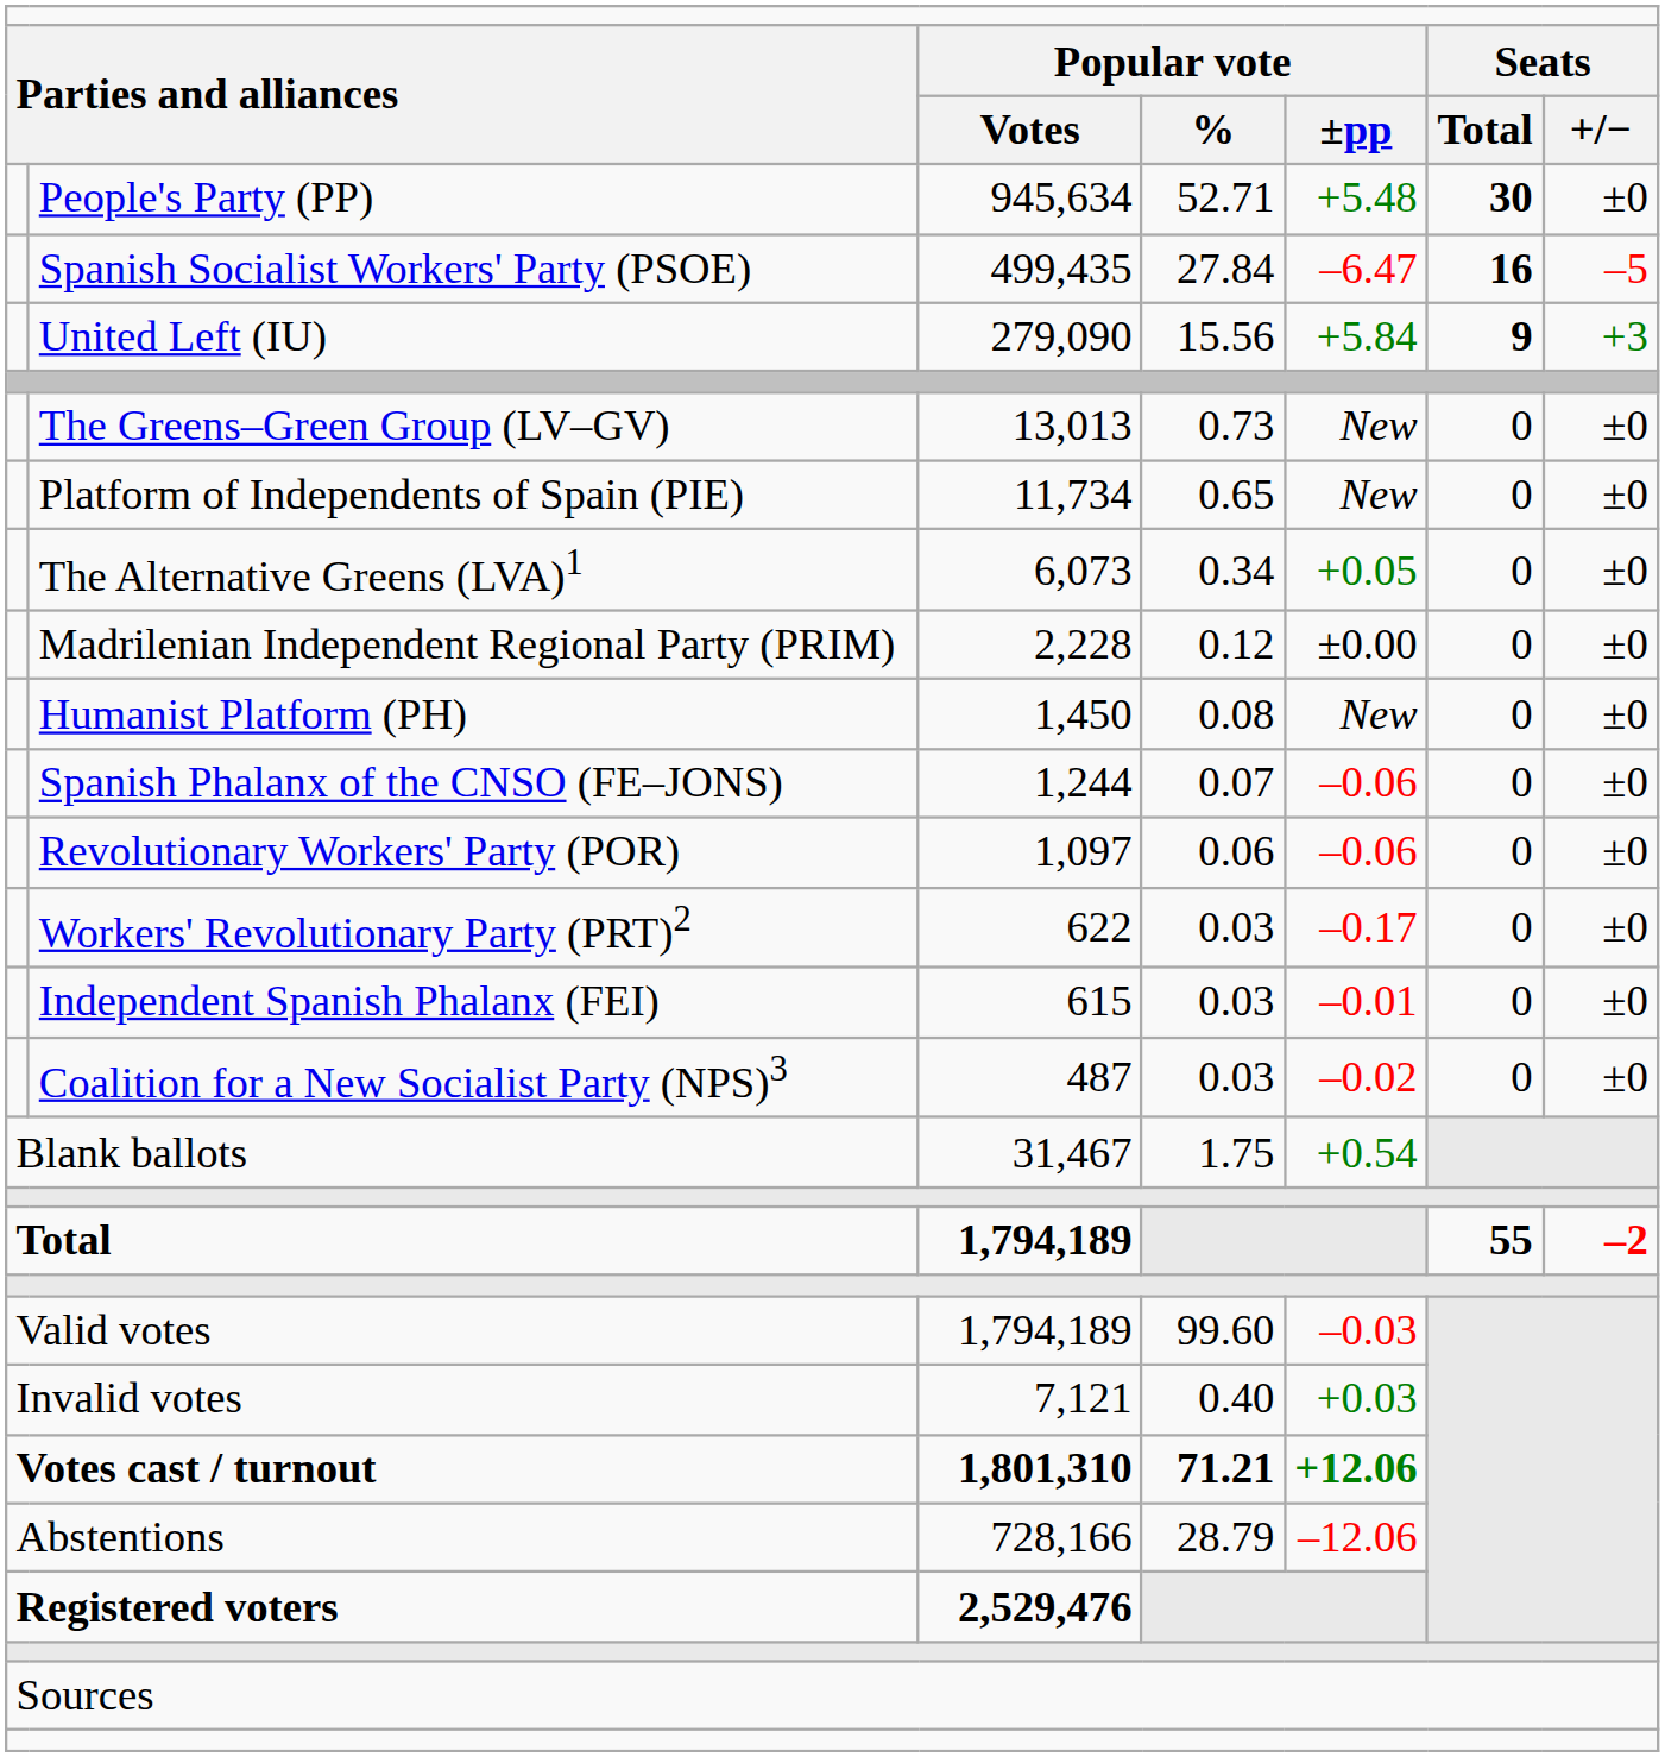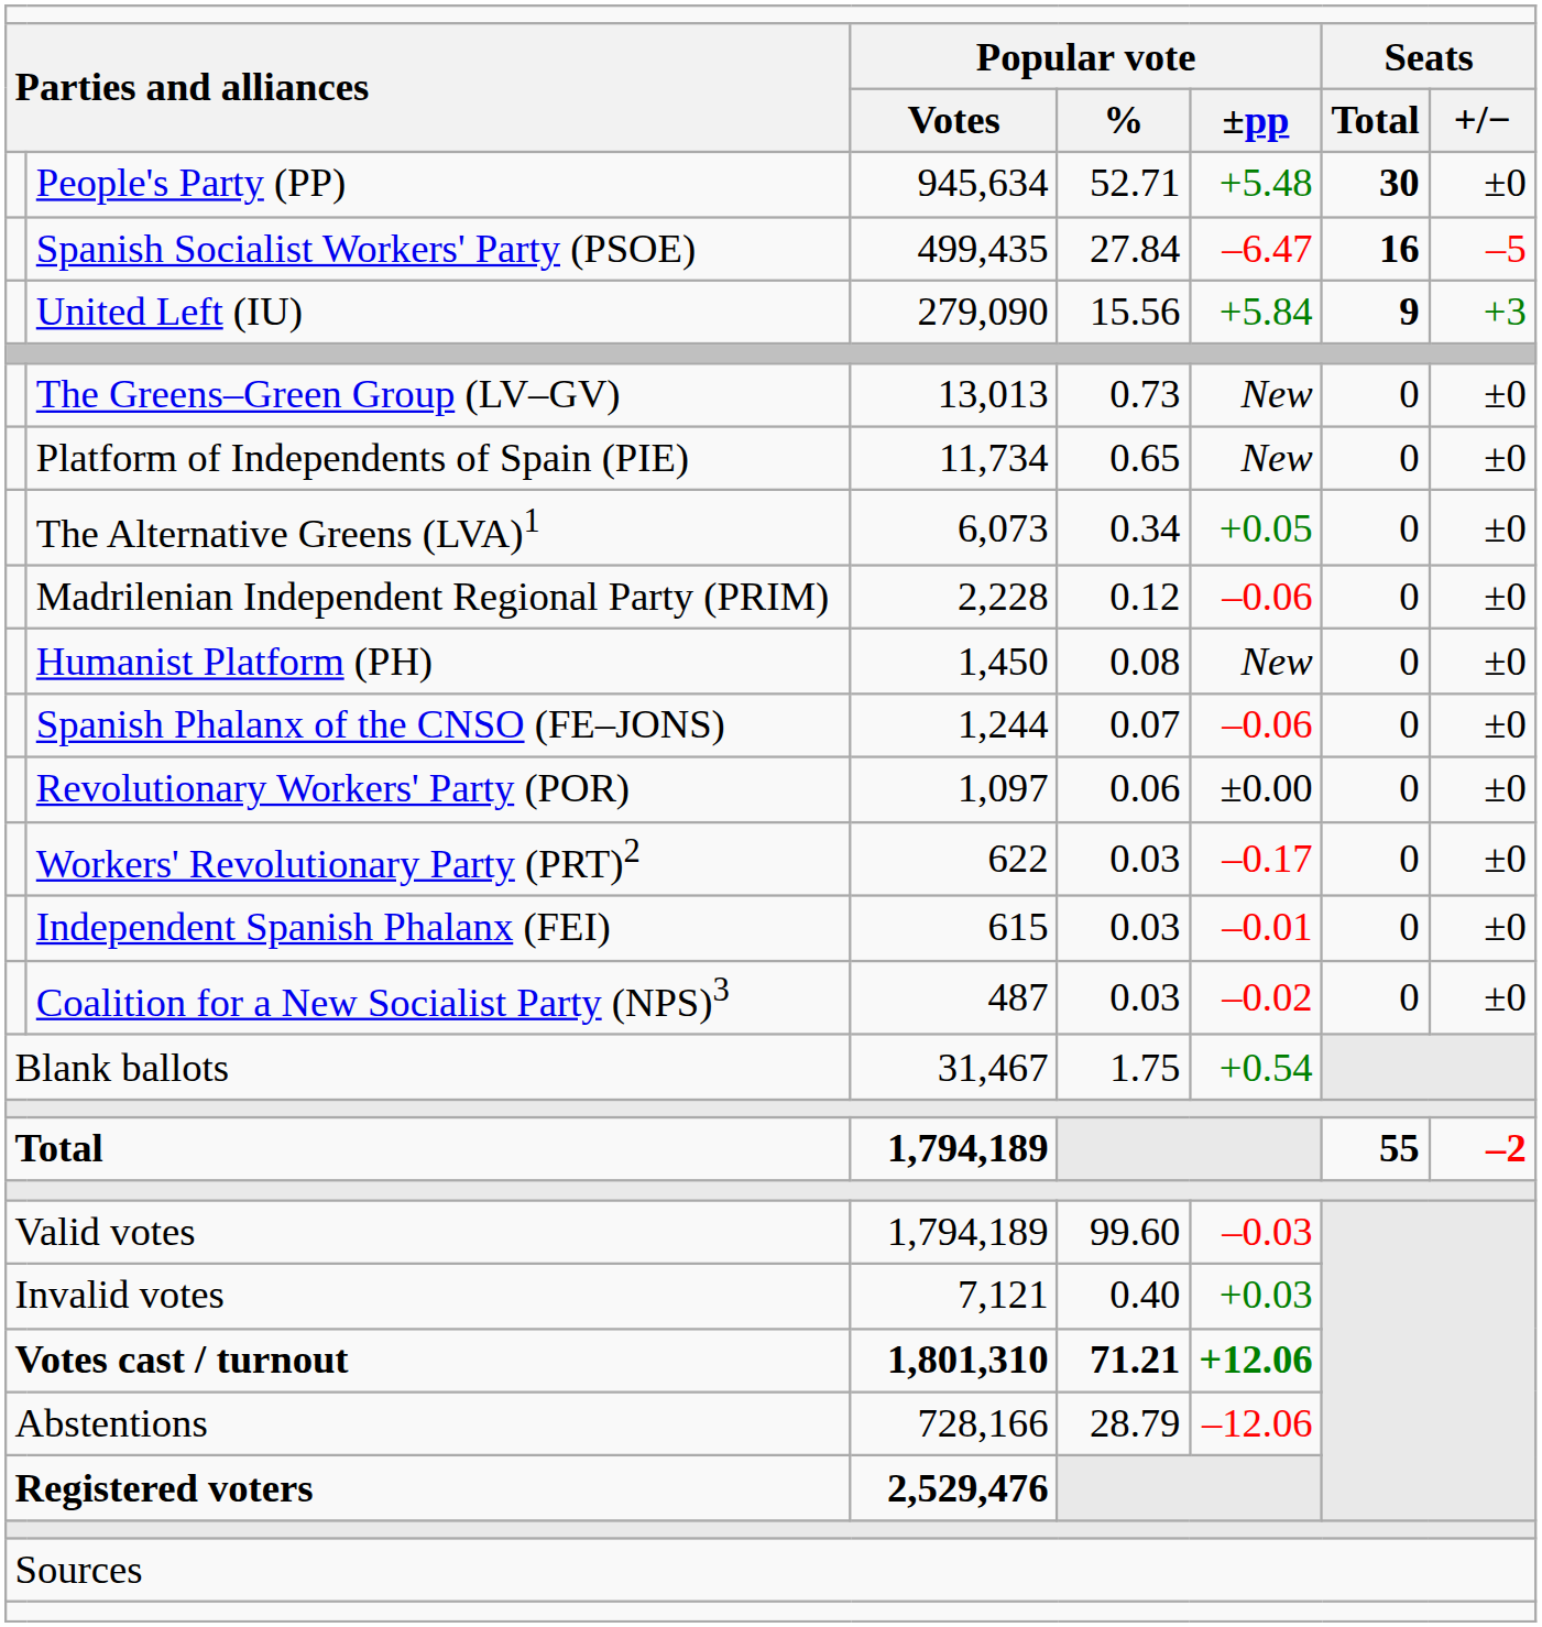 <table class="wikitable" style="text-align:right;">
 <tr>
 <td colspan="7"></td>
 </tr>
 <tr>
 <th style="text-align:left;" rowspan="2" colspan="2" width="525">Parties and alliances</th>
 <th colspan="3">Popular vote</th>
 <th colspan="2">Seats</th>
 </tr>
 <tr>
 <th width="75">Votes</th>
 <th width="45">%</th>
 <th width="45">±<a href='#'>pp</a></th>
 <th width="35">Total</th>
 <th width="35">+/−</th>
 </tr>
 <tr>
 <td width="1" style="color:inherit;background:"></td>
 <td align="left"><a href='#'>People's Party</a> (PP)</td>
 <td>945,634</td>
 <td>52.71</td>
 <td style="color:green;">+5.48</td>
 <td><strong>30</strong></td>
 <td>±0</td>
 </tr>
 <tr>
 <td style="color:inherit;background:"></td>
 <td align="left"><a href='#'>Spanish Socialist Workers' Party</a> (PSOE)</td>
 <td>499,435</td>
 <td>27.84</td>
 <td style="color:red;">–6.47</td>
 <td><strong>16</strong></td>
 <td style="color:red;">–5</td>
 </tr>
 <tr>
 <td style="color:inherit;background:"></td>
 <td align="left"><a href='#'>United Left</a> (IU)</td>
 <td>279,090</td>
 <td>15.56</td>
 <td style="color:green;">+5.84</td>
 <td><strong>9</strong></td>
 <td style="color:green;">+3</td>
 </tr>
 <tr>
 <td colspan="7" bgcolor="#C0C0C0"></td>
 </tr>
 <tr>
 <td style="color:inherit;background:"></td>
 <td align="left"><a href='#'>The Greens–Green Group</a> (LV–GV)</td>
 <td>13,013</td>
 <td>0.73</td>
 <td><em>New</em></td>
 <td>0</td>
 <td>±0</td>
 </tr>
 <tr>
 <td style="color:inherit;background:"></td>
 <td align="left">Platform of Independents of Spain (PIE)</td>
 <td>11,734</td>
 <td>0.65</td>
 <td><em>New</em></td>
 <td>0</td>
 <td>±0</td>
 </tr>
 <tr>
 <td style="color:inherit;background:"></td>
 <td align="left">The Alternative Greens (LVA)<sup>1</sup></td>
 <td>6,073</td>
 <td>0.34</td>
 <td style="color:green;">+0.05</td>
 <td>0</td>
 <td>±0</td>
 </tr>
 <tr>
 <td style="color:inherit;background:"></td>
 <td align="left">Madrilenian Independent Regional Party (PRIM)</td>
 <td>2,228</td>
 <td>0.12</td>
-<td>±0.00</td>
+<td style="color:red;">–0.06</td>
 <td>0</td>
 <td>±0</td>
 </tr>
 <tr>
 <td style="color:inherit;background:"></td>
 <td align="left"><a href='#'>Humanist Platform</a> (PH)</td>
 <td>1,450</td>
 <td>0.08</td>
 <td><em>New</em></td>
 <td>0</td>
 <td>±0</td>
 </tr>
 <tr>
 <td style="color:inherit;background:"></td>
 <td align="left"><a href='#'>Spanish Phalanx of the CNSO</a> (FE–JONS)</td>
 <td>1,244</td>
 <td>0.07</td>
 <td style="color:red;">–0.06</td>
 <td>0</td>
 <td>±0</td>
 </tr>
 <tr>
 <td style="color:inherit;background:"></td>
 <td align="left"><a href='#'>Revolutionary Workers' Party</a> (POR)</td>
 <td>1,097</td>
 <td>0.06</td>
-<td style="color:red;">–0.06</td>
+<td>±0.00</td>
 <td>0</td>
 <td>±0</td>
 </tr>
 <tr>
 <td style="color:inherit;background:"></td>
 <td align="left"><a href='#'>Workers' Revolutionary Party</a> (PRT)<sup>2</sup></td>
 <td>622</td>
 <td>0.03</td>
 <td style="color:red;">–0.17</td>
 <td>0</td>
 <td>±0</td>
 </tr>
 <tr>
 <td style="color:inherit;background:"></td>
 <td align="left"><a href='#'>Independent Spanish Phalanx</a> (FEI)</td>
 <td>615</td>
 <td>0.03</td>
 <td style="color:red;">–0.01</td>
 <td>0</td>
 <td>±0</td>
 </tr>
 <tr>
 <td style="color:inherit;background:"></td>
 <td align="left"><a href='#'>Coalition for a New Socialist Party</a> (NPS)<sup>3</sup></td>
 <td>487</td>
 <td>0.03</td>
 <td style="color:red;">–0.02</td>
 <td>0</td>
 <td>±0</td>
 </tr>
 <tr>
 <td align="left" colspan="2">Blank ballots</td>
 <td>31,467</td>
 <td>1.75</td>
 <td style="color:green;">+0.54</td>
 <td bgcolor="#E9E9E9" colspan="2"></td>
 </tr>
 <tr>
 <td colspan="7" bgcolor="#E9E9E9"></td>
 </tr>
 <tr style="font-weight:bold;">
 <td align="left" colspan="2">Total</td>
 <td>1,794,189</td>
 <td bgcolor="#E9E9E9" colspan="2"></td>
 <td>55</td>
 <td style="color:red;">–2</td>
 </tr>
 <tr>
 <td colspan="7" bgcolor="#E9E9E9"></td>
 </tr>
 <tr>
 <td align="left" colspan="2">Valid votes</td>
 <td>1,794,189</td>
 <td>99.60</td>
 <td style="color:red;">–0.03</td>
 <td bgcolor="#E9E9E9" colspan="2" rowspan="5"></td>
 </tr>
 <tr>
 <td align="left" colspan="2">Invalid votes</td>
 <td>7,121</td>
 <td>0.40</td>
 <td style="color:green;">+0.03</td>
 </tr>
 <tr style="font-weight:bold;">
 <td align="left" colspan="2">Votes cast / turnout</td>
 <td>1,801,310</td>
 <td>71.21</td>
 <td style="color:green;">+12.06</td>
 </tr>
 <tr>
 <td align="left" colspan="2">Abstentions</td>
 <td>728,166</td>
 <td>28.79</td>
 <td style="color:red;">–12.06</td>
 </tr>
 <tr style="font-weight:bold;">
 <td align="left" colspan="2">Registered voters</td>
 <td>2,529,476</td>
 <td bgcolor="#E9E9E9" colspan="2"></td>
 </tr>
 <tr>
 <td colspan="7" bgcolor="#E9E9E9"></td>
 </tr>
 <tr>
 <td align="left" colspan="7">Sources</td>
 </tr>
 <tr>
 <td colspan="7" style="text-align:left; max-width:790px;"></td>
 </tr>
 </table>
